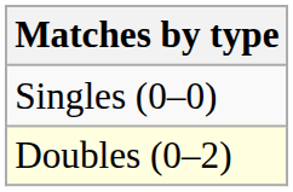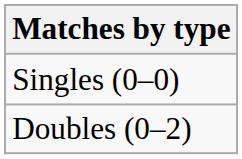 <table class=wikitable>
 <tr>
 <th>Matches by type</th>
 </tr>
 <tr>
 <td>Singles (0–0)</td>
 </tr>
 <tr>
-<td style="background: lightyellow;">Doubles (0–2)</td>
+<td>Doubles (0–2)</td>
 </tr>
 </table>
